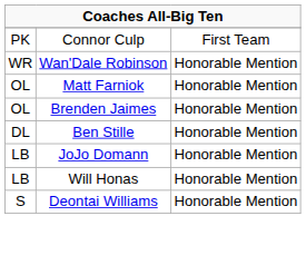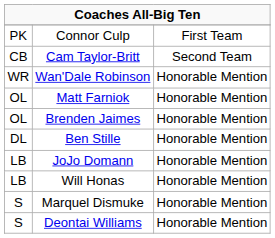 <table class="wikitable sortable" style="text-align:center">
 <tr>
 <td colspan="3"><strong>Coaches All-Big Ten</strong></td>
 </tr>
 <tr>
 </tr>
 <tr style="text-align:center;">
 <td style="background:white">PK</td>
 <td style="background:white">Connor Culp</td>
 <td style="background:white">First Team</td>
+</tr>
+<tr style="text-align:center;">
+<td style="background:white">CB</td>
+<td style="background:white"><a href='#'>Cam Taylor-Britt</a></td>
+<td style="background:white">Second Team</td>
 </tr>
 <tr style="text-align:center;">
 <td style="background:white">WR</td>
 <td style="background:white"><a href='#'>Wan'Dale Robinson</a></td>
 <td style="background:white">Honorable Mention</td>
 </tr>
 <tr style="text-align:center;">
 <td style="background:white">OL</td>
 <td style="background:white"><a href='#'>Matt Farniok</a></td>
 <td style="background:white">Honorable Mention</td>
 </tr>
 <tr style="text-align:center;">
 <td style="background:white">OL</td>
 <td style="background:white"><a href='#'>Brenden Jaimes</a></td>
 <td style="background:white">Honorable Mention</td>
 </tr>
 <tr style="text-align:center;">
 <td style="background:white">DL</td>
 <td style="background:white"><a href='#'>Ben Stille</a></td>
 <td style="background:white">Honorable Mention</td>
 </tr>
 <tr style="text-align:center;">
 <td style="background:white">LB</td>
 <td style="background:white"><a href='#'>JoJo Domann</a></td>
 <td style="background:white">Honorable Mention</td>
 </tr>
 <tr style="text-align:center;">
 <td style="background:white">LB</td>
 <td style="background:white">Will Honas</td>
 <td style="background:white">Honorable Mention</td>
 </tr>
 <tr style="text-align:center;">
 <td style="background:white">S</td>
+<td style="background:white">Marquel Dismuke</td>
+<td style="background:white">Honorable Mention</td>
+</tr>
+<tr style="text-align:center;">
+<td style="background:white">S</td>
 <td style="background:white"><a href='#'>Deontai Williams</a></td>
 <td style="background:white">Honorable Mention</td>
 </tr>
 </table>
